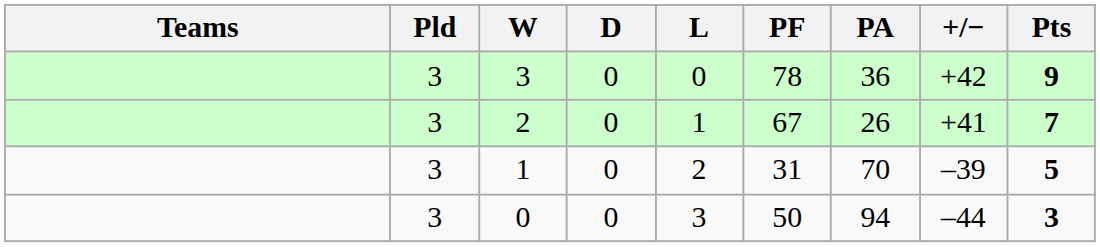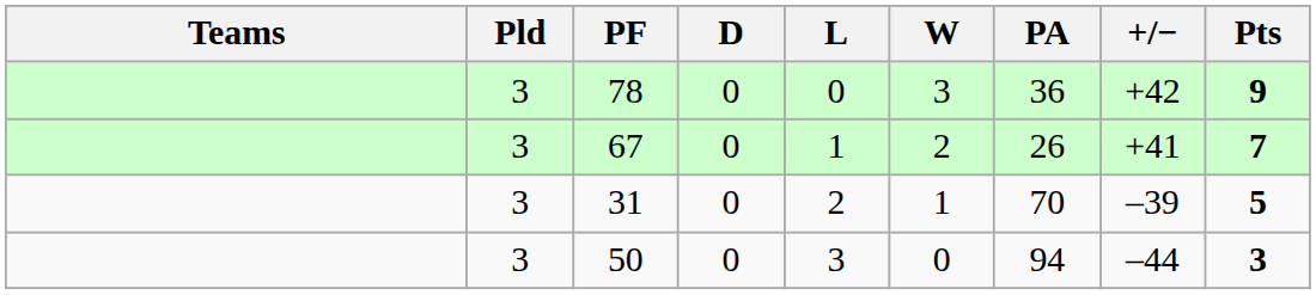 <table class="wikitable" style="text-align: center;">
 <tr>
 <th width="200">Teams</th>
 <th width="40">Pld</th>
-<th width="40">W</th>
+<th width="40">PF</th>
 <th width="40">D</th>
 <th width="40">L</th>
-<th width="40">PF</th>
+<th width="40">W</th>
 <th width="40">PA</th>
 <th width="40">+/−</th>
 <th width="40">Pts</th>
 </tr>
 <tr bgcolor=ccffcc>
 <td align=left></td>
 <td>3</td>
-<td>3</td>
+<td>78</td>
 <td>0</td>
 <td>0</td>
-<td>78</td>
+<td>3</td>
 <td>36</td>
 <td>+42</td>
 <td><strong>9</strong></td>
 </tr>
 <tr bgcolor=ccffcc>
 <td align=left></td>
 <td>3</td>
-<td>2</td>
+<td>67</td>
 <td>0</td>
 <td>1</td>
-<td>67</td>
+<td>2</td>
 <td>26</td>
 <td>+41</td>
 <td><strong>7</strong></td>
 </tr>
 <tr>
 <td align=left></td>
 <td>3</td>
-<td>1</td>
+<td>31</td>
 <td>0</td>
 <td>2</td>
-<td>31</td>
+<td>1</td>
 <td>70</td>
 <td>–39</td>
 <td><strong>5</strong></td>
 </tr>
 <tr>
 <td align=left></td>
 <td>3</td>
-<td>0</td>
+<td>50</td>
 <td>0</td>
 <td>3</td>
-<td>50</td>
+<td>0</td>
 <td>94</td>
 <td>–44</td>
 <td><strong>3</strong></td>
 </tr>
 </table>
